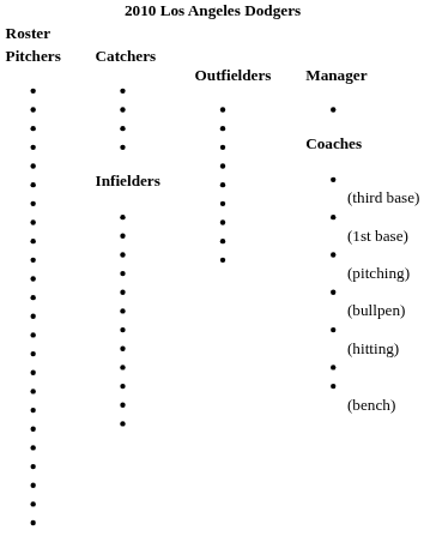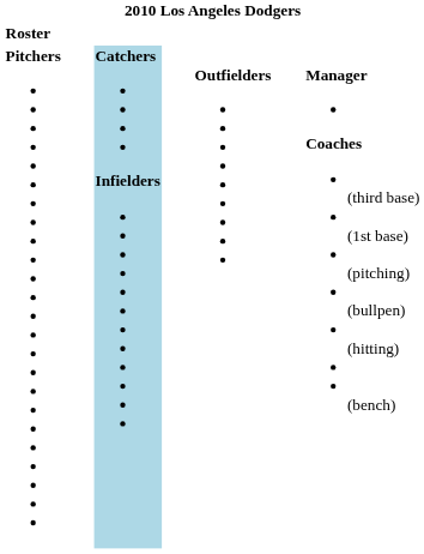 <table class="toccolours" style="font-size: 95%;">
 <tr>
 <th colspan="10">2010 Los Angeles Dodgers</th>
 </tr>
 <tr>
 <td colspan="10"><strong>Roster</strong></td>
 </tr>
 <tr>
 <td valign="top"><strong>Pitchers</strong><br><ul><li></li><li></li><li></li><li></li><li></li><li></li><li></li><li></li><li></li><li></li><li></li><li></li><li></li><li></li><li></li><li></li><li></li><li></li><li></li><li></li><li></li><li></li><li></li><li></li></ul></td>
 <td style="width:25px;"></td>
-<td valign="top"><strong>Catchers</strong><br><ul><li></li><li></li><li></li><li></li></ul><strong>Infielders</strong><ul><li></li><li></li><li></li><li></li><li></li><li></li><li></li><li></li><li></li><li></li><li></li><li></li></ul></td>
+<td valign="top" style="background: lightblue;"><strong>Catchers</strong><br><ul><li></li><li></li><li></li><li></li></ul><strong>Infielders</strong><ul><li></li><li></li><li></li><li></li><li></li><li></li><li></li><li></li><li></li><li></li><li></li><li></li></ul></td>
 <td style="width:25px;"></td>
 <td valign="top"><br><strong>Outfielders</strong><ul><li></li><li></li><li></li><li></li><li></li><li></li><li></li><li></li><li></li></ul></td>
 <td style="width:25px;"></td>
 <td valign="top"><br><strong>Manager</strong><ul><li></li></ul><strong>Coaches</strong><ul><li> <br> (third base)</li><li> <br>(1st base)</li><li><br> (pitching)</li><li> <br>(bullpen)</li><li> <br>(hitting)</li><li></li><li> <br>(bench)</li></ul></td>
 </tr>
 </table>
